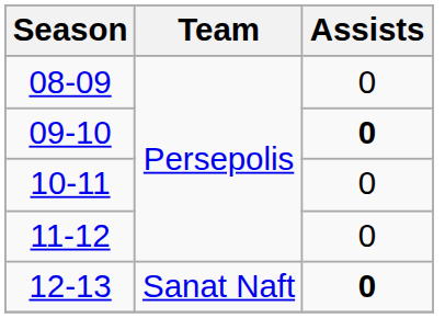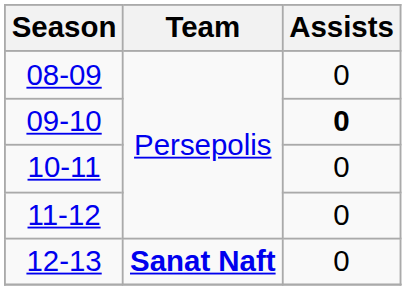 <table class="wikitable" style="text-align: center;">
 <tr>
 <th>Season</th>
 <th>Team</th>
 <th>Assists</th>
 </tr>
 <tr>
 <td><a href='#'>08-09</a></td>
 <td rowspan="4"><a href='#'>Persepolis</a></td>
 <td>0</td>
 </tr>
 <tr>
 <td><a href='#'>09-10</a></td>
 <td><strong>0</strong></td>
 </tr>
 <tr>
 <td><a href='#'>10-11</a></td>
 <td>0</td>
 </tr>
 <tr>
 <td><a href='#'>11-12</a></td>
 <td>0</td>
 </tr>
 <tr>
 <td><a href='#'>12-13</a></td>
-<td rowspan="1"><a href='#'>Sanat Naft</a></td>
-<td><strong>0</strong></td>
+<td rowspan="1"><strong><a href='#'>Sanat Naft</a></strong></td>
+<td>0</td>
 </tr>
 <tr>
 </tr>
 </table>
